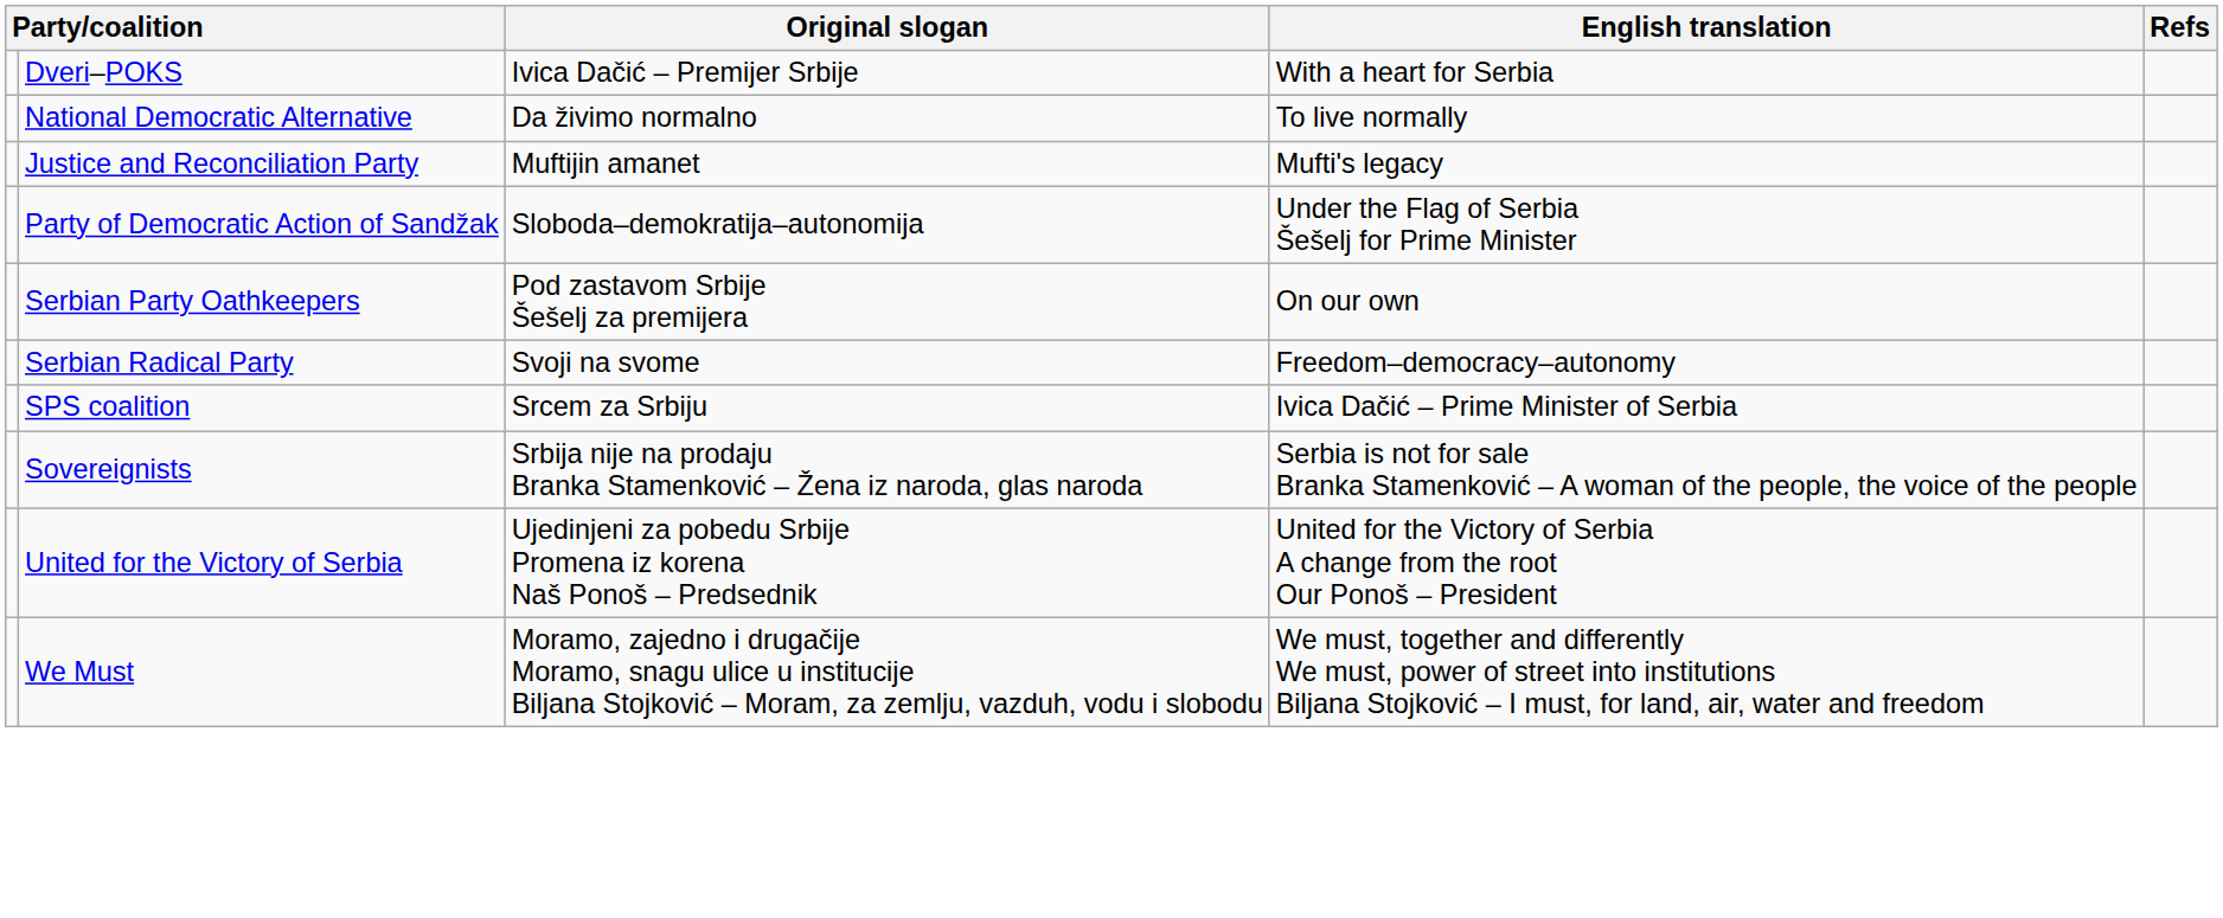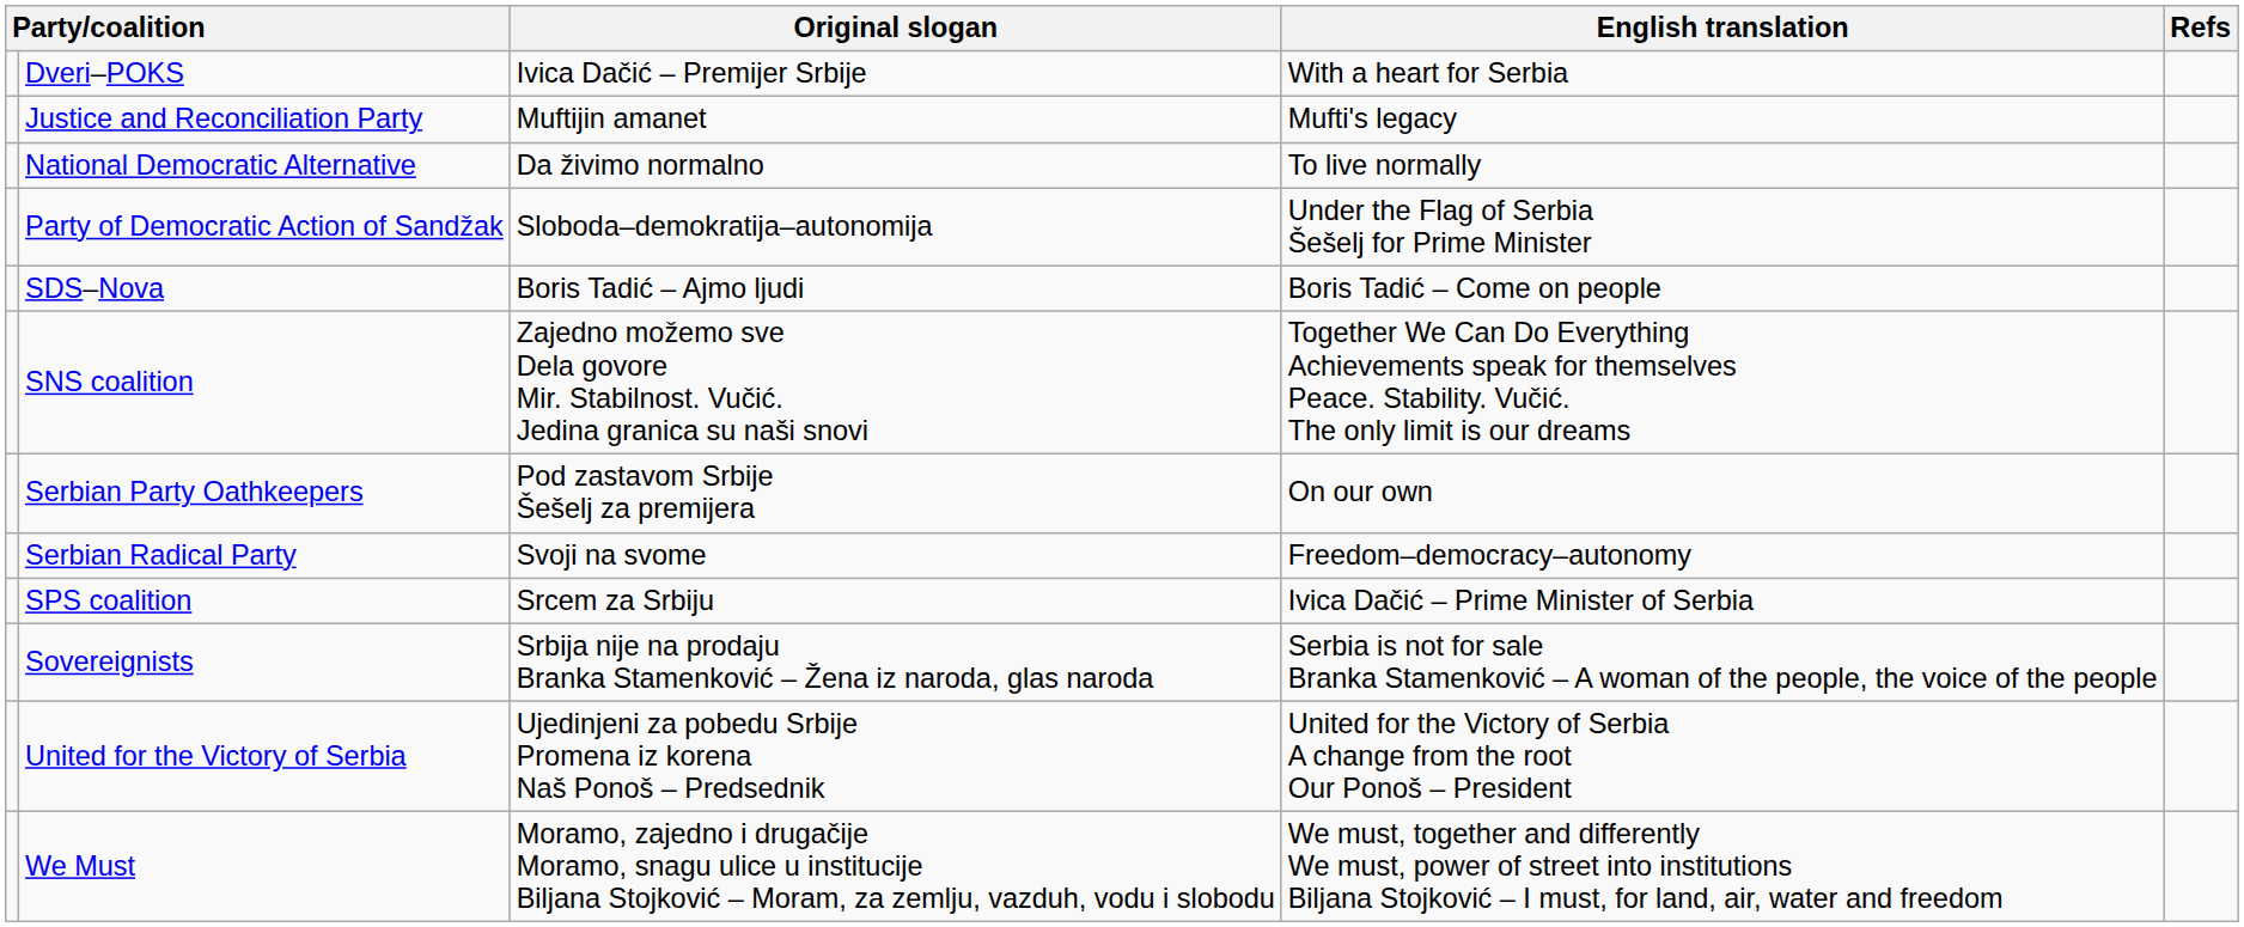 <table class="wikitable" style="font-size:97%; text-align:left">
 <tr>
 <th colspan="2" style="text-align:left">Party/coalition</th>
 <th>Original slogan</th>
 <th>English translation</th>
 <th>Refs</th>
 </tr>
 <tr>
 <td style="background:"></td>
 <td><a href='#'>Dveri</a>–<a href='#'>POKS</a></td>
 <td>Ivica Dačić – Premijer Srbije</td>
 <td>With a heart for Serbia</td>
 <td></td>
 </tr>
 <tr>
 <td style="background:"></td>
+<td><a href='#'>Justice and Reconciliation Party</a></td>
+<td>Muftijin amanet</td>
+<td>Mufti's legacy</td>
+<td></td>
+</tr>
+<tr>
+<td style="background:"></td>
 <td><a href='#'>National Democratic Alternative</a></td>
 <td>Da živimo normalno</td>
 <td>To live normally</td>
 <td></td>
 </tr>
 <tr>
 <td style="background:"></td>
-<td><a href='#'>Justice and Reconciliation Party</a></td>
-<td>Muftijin amanet</td>
-<td>Mufti's legacy</td>
+<td><a href='#'>Party of Democratic Action of Sandžak</a></td>
+<td>Sloboda–demokratija–autonomija</td>
+<td>Under the Flag of Serbia<br>Šešelj for Prime Minister</td>
 <td></td>
 </tr>
 <tr>
 <td style="background:"></td>
-<td><a href='#'>Party of Democratic Action of Sandžak</a></td>
-<td>Sloboda–demokratija–autonomija</td>
-<td>Under the Flag of Serbia<br>Šešelj for Prime Minister</td>
+<td><a href='#'>SDS</a>–<a href='#'>Nova</a></td>
+<td>Boris Tadić – Ajmo ljudi</td>
+<td>Boris Tadić – Come on people</td>
+<td></td>
+</tr>
+<tr>
+<td style="background:"></td>
+<td><a href='#'>SNS coalition</a></td>
+<td>Zajedno možemo sve<br>Dela govore<br>Mir. Stabilnost. Vučić.<br>Jedina granica su naši snovi</td>
+<td>Together We Can Do Everything<br>Achievements speak for themselves<br>Peace. Stability. Vučić.<br>The only limit is our dreams</td>
 <td></td>
 </tr>
 <tr>
 <td style="background:"></td>
 <td><a href='#'>Serbian Party Oathkeepers</a></td>
 <td>Pod zastavom Srbije<br>Šešelj za premijera</td>
 <td>On our own</td>
 <td></td>
 </tr>
 <tr>
 <td style="background:"></td>
 <td><a href='#'>Serbian Radical Party</a></td>
 <td>Svoji na svome</td>
 <td>Freedom–democracy–autonomy</td>
 <td></td>
 </tr>
 <tr>
 <td style="background:"></td>
 <td><a href='#'>SPS coalition</a></td>
 <td>Srcem za Srbiju</td>
 <td>Ivica Dačić – Prime Minister of Serbia</td>
 <td></td>
 </tr>
 <tr>
 <td style="background:"></td>
 <td><a href='#'>Sovereignists</a></td>
 <td>Srbija nije na prodaju<br>Branka Stamenković – Žena iz naroda, glas naroda</td>
 <td>Serbia is not for sale<br>Branka Stamenković – A woman of the people, the voice of the people</td>
 <td></td>
 </tr>
 <tr>
 <td style="background:"></td>
 <td><a href='#'>United for the Victory of Serbia</a></td>
 <td>Ujedinjeni za pobedu Srbije<br>Promena iz korena<br>Naš Ponoš – Predsednik</td>
 <td>United for the Victory of Serbia<br>A change from the root<br>Our Ponoš – President</td>
 <td></td>
 </tr>
 <tr>
 <td style="background:"></td>
 <td><a href='#'>We Must</a></td>
 <td>Moramo, zajedno i drugačije<br> Moramo, snagu ulice u institucije<br>Biljana Stojković – Moram, za zemlju, vazduh, vodu i slobodu</td>
 <td>We must, together and differently<br>We must, power of street into institutions<br>Biljana Stojković – I must, for land, air, water and freedom</td>
 <td></td>
 </tr>
 </table>
